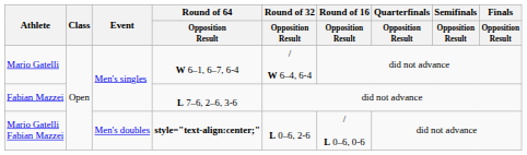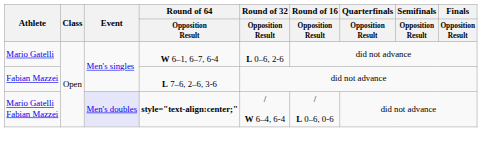 <table class=wikitable style="font-size:90%">
 <tr>
 <th rowspan="2">Athlete</th>
 <th rowspan="2">Class</th>
 <th rowspan="2">Event</th>
 <th>Round of 64</th>
 <th>Round of 32</th>
 <th>Round of 16</th>
 <th>Quarterfinals</th>
 <th>Semifinals</th>
 <th>Finals</th>
 </tr>
 <tr>
 <th style="line-height:1em"><small>Opposition<br>Result</small></th>
 <th style="line-height:1em"><small>Opposition<br>Result</small></th>
 <th style="line-height:1em"><small>Opposition<br>Result</small></th>
 <th style="line-height:1em"><small>Opposition<br>Result</small></th>
 <th style="line-height:1em"><small>Opposition<br>Result</small></th>
 <th style="line-height:1em"><small>Opposition<br>Result</small></th>
 </tr>
 <tr>
 <td><a href='#'>Mario Gatelli</a></td>
 <td rowspan="3" style="text-align:center;">Open</td>
 <td rowspan="2"><a href='#'>Men's singles</a></td>
 <td style="text-align:center;"><br><strong>W</strong> 6–1, 6–7, 6-4</td>
-<td style="text-align:center;"> /<br><br><strong>W</strong> 6–4, 6-4</td>
+<td style="text-align:center;"><br><strong>L</strong> 0–6, 2-6</td>
 <td style="text-align:center;" colspan="4">did not advance</td>
 </tr>
 <tr>
 <td><a href='#'>Fabian Mazzei</a></td>
 <td style="text-align:center;"><br><strong>L</strong> 7–6, 2–6, 3-6</td>
 <td style="text-align:center;" colspan="5">did not advance</td>
 </tr>
 <tr>
 <td><a href='#'>Mario Gatelli</a><br> <a href='#'>Fabian Mazzei</a></td>
-<td><a href='#'>Men's doubles</a></td>
+<td style="background: lavender;"><a href='#'>Men's doubles</a></td>
 <td><strong>style="text-align:center;" </strong></td>
-<td style="text-align:center;"><br><strong>L</strong> 0–6, 2-6</td>
+<td style="text-align:center;"> /<br><br><strong>W</strong> 6–4, 6-4</td>
 <td style="text-align:center;"> /<br><br><strong>L</strong> 0–6, 0-6</td>
 <td style="text-align:center;" colspan="3">did not advance</td>
 </tr>
 </table>
